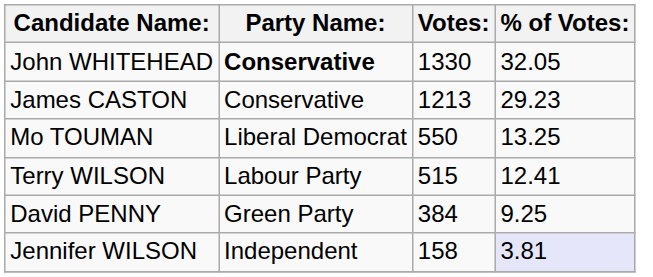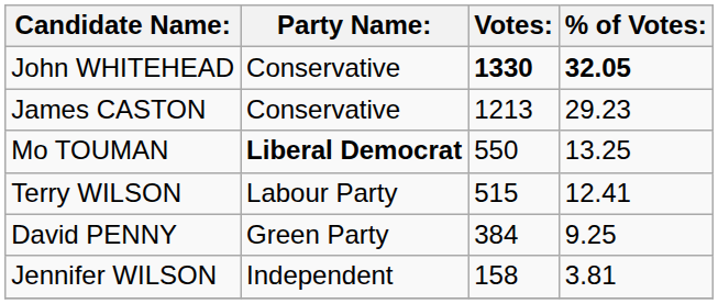 <table class="wikitable">
 <tr>
 <th>Candidate Name:</th>
 <th>Party Name:</th>
 <th>Votes:</th>
 <th>% of Votes:</th>
 </tr>
 <tr>
 <td>John WHITEHEAD</td>
-<td><strong>Conservative</strong></td>
-<td>1330</td>
-<td>32.05</td>
+<td>Conservative</td>
+<td><strong>1330</strong></td>
+<td><strong>32.05</strong></td>
 </tr>
 <tr>
 <td>James CASTON</td>
 <td>Conservative</td>
 <td>1213</td>
 <td>29.23</td>
 </tr>
 <tr>
 <td>Mo TOUMAN</td>
-<td>Liberal Democrat</td>
+<td><strong>Liberal Democrat</strong></td>
 <td>550</td>
 <td>13.25</td>
 </tr>
 <tr>
 <td>Terry WILSON</td>
 <td>Labour Party</td>
 <td>515</td>
 <td>12.41</td>
 </tr>
 <tr>
 <td>David PENNY</td>
 <td>Green Party</td>
 <td>384</td>
 <td>9.25</td>
 </tr>
 <tr>
 <td>Jennifer WILSON</td>
 <td>Independent</td>
 <td>158</td>
-<td style="background: lavender;">3.81</td>
+<td>3.81</td>
 </tr>
 <tr>
 </tr>
 </table>
